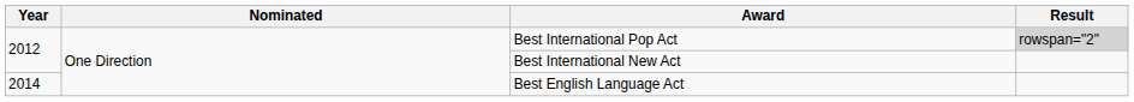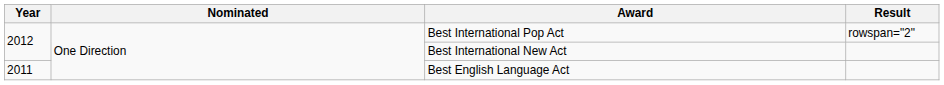 <table class="wikitable" style="width:100%;">
 <tr>
 <th width=5%>Year</th>
 <th style="width:40%;">Nominated</th>
 <th style="width:45%;">Award</th>
 <th style="width:10%;">Result</th>
 </tr>
 <tr>
 <td rowspan="2">2012</td>
 <td rowspan="3">One Direction</td>
 <td>Best International Pop Act</td>
-<td style="background: lightgrey;">rowspan="2" </td>
+<td>rowspan="2" </td>
 </tr>
 <tr>
 <td>Best International New Act</td>
 </tr>
 <tr>
-<td>2014</td>
+<td>2011</td>
 <td>Best English Language Act</td>
 <td></td>
 </tr>
 </table>
